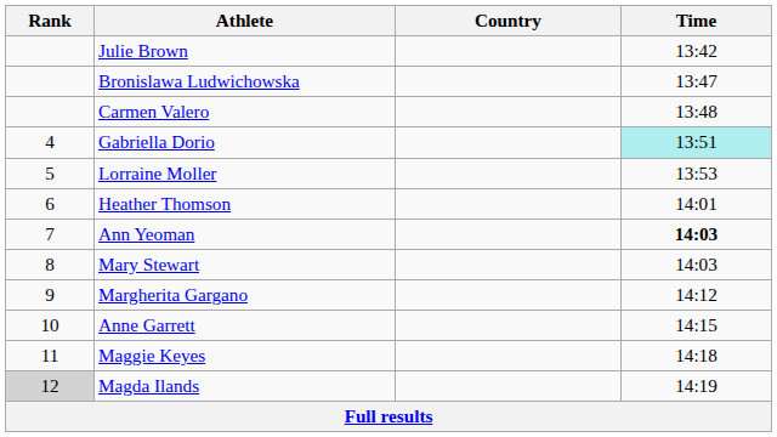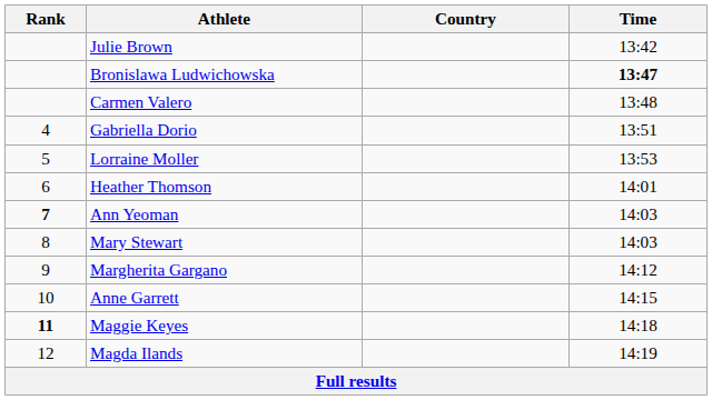 <table class="wikitable sortable" style=" text-align:center; font-size:95%;" width="50%">
 <tr>
 </tr>
 <tr>
 <th width=5%>Rank</th>
 <th width=20%>Athlete</th>
 <th width=15%>Country</th>
 <th width=10%>Time</th>
 </tr>
 <tr>
 <td align=center></td>
 <td align=left><a href='#'>Julie Brown</a></td>
 <td align=left></td>
 <td>13:42</td>
 </tr>
 <tr>
 <td align=center></td>
 <td align=left><a href='#'>Bronislawa Ludwichowska</a></td>
 <td align=left></td>
-<td>13:47</td>
+<td><strong>13:47</strong></td>
 </tr>
 <tr>
 <td align=center></td>
 <td align=left><a href='#'>Carmen Valero</a></td>
 <td align=left></td>
 <td>13:48</td>
 </tr>
 <tr>
 <td align=center>4</td>
 <td align=left><a href='#'>Gabriella Dorio</a></td>
 <td align=left></td>
-<td style="background: paleturquoise;">13:51</td>
+<td>13:51</td>
 </tr>
 <tr>
 <td align=center>5</td>
 <td align=left><a href='#'>Lorraine Moller</a></td>
 <td align=left></td>
 <td>13:53</td>
 </tr>
 <tr>
 <td align=center>6</td>
 <td align=left><a href='#'>Heather Thomson</a></td>
 <td align=left></td>
 <td>14:01</td>
 </tr>
 <tr>
-<td align=center>7</td>
+<td align=center><strong>7</strong></td>
 <td align=left><a href='#'>Ann Yeoman</a></td>
 <td align=left></td>
-<td><strong>14:03</strong></td>
+<td>14:03</td>
 </tr>
 <tr>
 <td align=center>8</td>
 <td align=left><a href='#'>Mary Stewart</a></td>
 <td align=left></td>
 <td>14:03</td>
 </tr>
 <tr>
 <td align=center>9</td>
 <td align=left><a href='#'>Margherita Gargano</a></td>
 <td align=left></td>
 <td>14:12</td>
 </tr>
 <tr>
 <td align=center>10</td>
 <td align=left><a href='#'>Anne Garrett</a></td>
 <td align=left></td>
 <td>14:15</td>
 </tr>
 <tr>
-<td align=center>11</td>
+<td align=center><strong>11</strong></td>
 <td align=left><a href='#'>Maggie Keyes</a></td>
 <td align=left></td>
 <td>14:18</td>
 </tr>
 <tr>
-<td align=center style="background: lightgrey;">12</td>
+<td align=center>12</td>
 <td align=left><a href='#'>Magda Ilands</a></td>
 <td align=left></td>
 <td>14:19</td>
 </tr>
 <tr class="sortbottom">
 <th colspan=4 align=center><a href='#'>Full results</a></th>
 </tr>
 </table>
